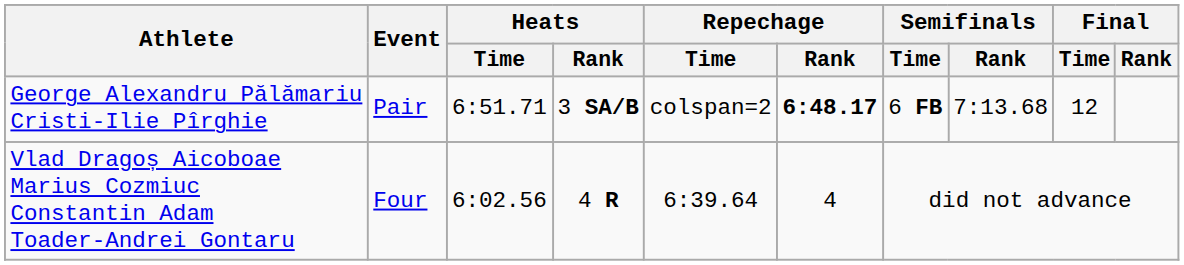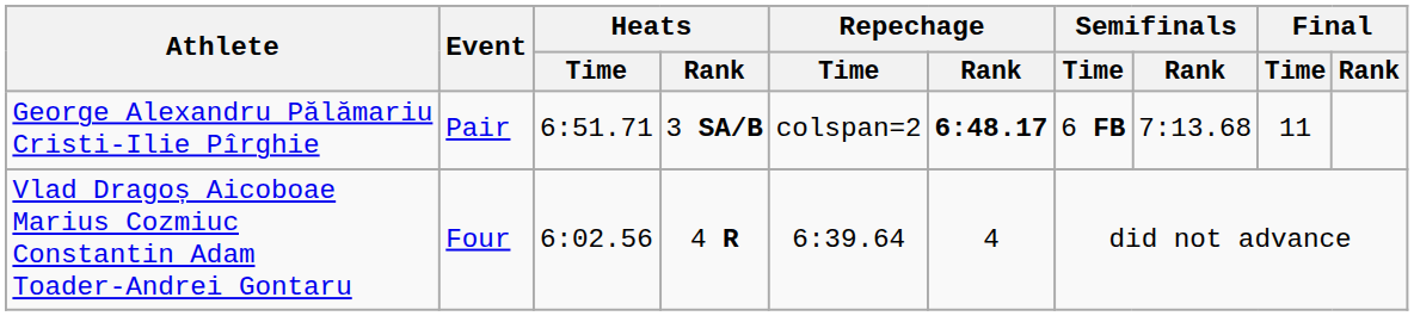 <table class="wikitable" style="font-size:90%">
 <tr>
 <th rowspan="2">Athlete</th>
 <th rowspan="2">Event</th>
 <th colspan="2">Heats</th>
 <th colspan="2">Repechage</th>
 <th colspan="2">Semifinals</th>
 <th colspan="2">Final</th>
 </tr>
 <tr style="font-size:95%">
 <th>Time</th>
 <th>Rank</th>
 <th>Time</th>
 <th>Rank</th>
 <th>Time</th>
 <th>Rank</th>
 <th>Time</th>
 <th>Rank</th>
 </tr>
 <tr align=center>
 <td align=left><a href='#'>George Alexandru Pălămariu</a><br><a href='#'>Cristi-Ilie Pîrghie</a></td>
 <td align=left><a href='#'>Pair</a></td>
 <td>6:51.71</td>
 <td>3 <strong>SA/B</strong></td>
 <td>colspan=2 </td>
 <td><strong>6:48.17</strong></td>
 <td>6 <strong>FB</strong></td>
 <td>7:13.68</td>
-<td>12</td>
+<td>11</td>
 </tr>
 <tr align=center>
 <td align=left><a href='#'>Vlad Dragoș Aicoboae</a><br><a href='#'>Marius Cozmiuc</a><br><a href='#'>Constantin Adam</a><br><a href='#'>Toader-Andrei Gontaru</a></td>
 <td align=left><a href='#'>Four</a></td>
 <td>6:02.56</td>
 <td>4 <strong>R</strong></td>
 <td>6:39.64</td>
 <td>4</td>
 <td colspan=4>did not advance</td>
 </tr>
 </table>
